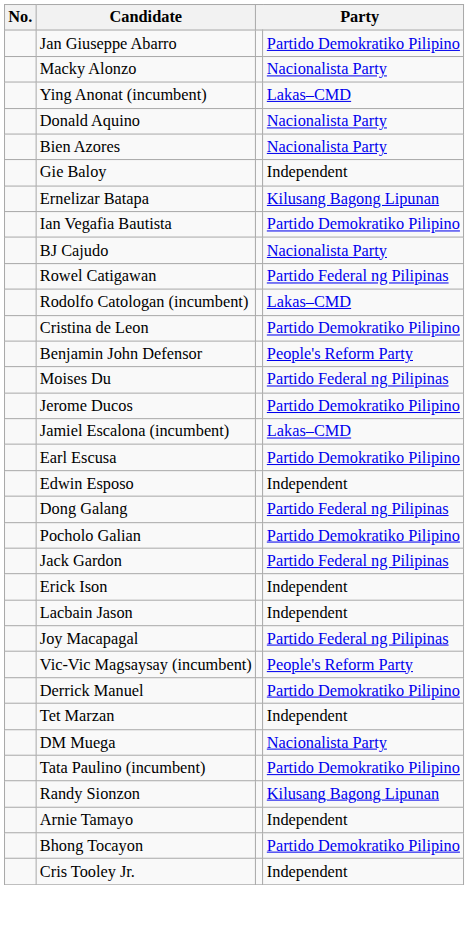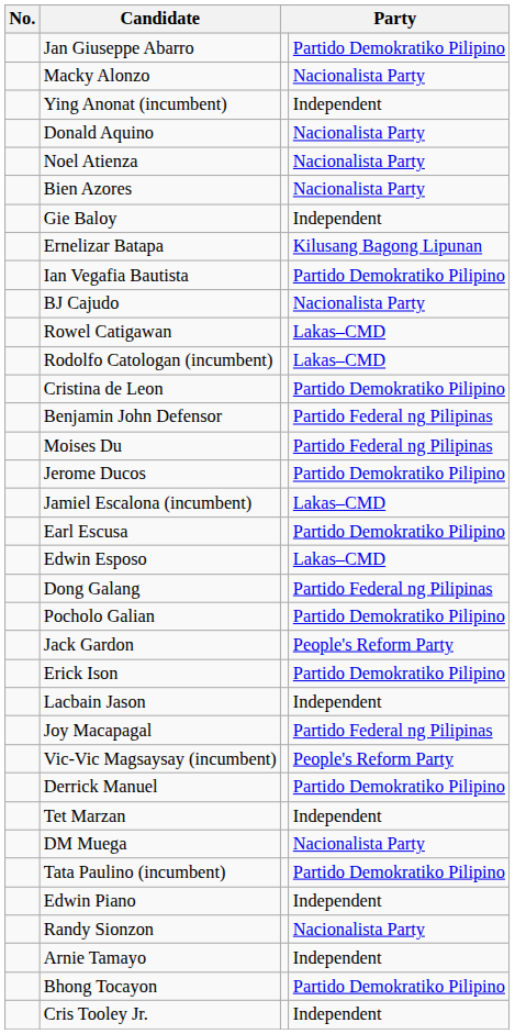 <table class="wikitable sortable" style="text-align:left;">
 <tr>
 <th>No.</th>
 <th>Candidate</th>
 <th colspan="2">Party</th>
 </tr>
 <tr>
 <td></td>
 <td>Jan Giuseppe Abarro</td>
 <td></td>
 <td><a href='#'>Partido Demokratiko Pilipino</a></td>
 </tr>
 <tr>
 <td></td>
 <td>Macky Alonzo</td>
 <td></td>
 <td><a href='#'>Nacionalista Party</a></td>
 </tr>
 <tr>
 <td></td>
 <td>Ying Anonat (incumbent)</td>
 <td></td>
-<td><a href='#'>Lakas–CMD</a></td>
+<td>Independent</td>
 </tr>
 <tr>
 <td></td>
 <td>Donald Aquino</td>
+<td></td>
+<td><a href='#'>Nacionalista Party</a></td>
+</tr>
+<tr>
+<td></td>
+<td>Noel Atienza</td>
 <td></td>
 <td><a href='#'>Nacionalista Party</a></td>
 </tr>
 <tr>
 <td></td>
 <td>Bien Azores</td>
 <td></td>
 <td><a href='#'>Nacionalista Party</a></td>
 </tr>
 <tr>
 <td></td>
 <td>Gie Baloy</td>
 <td></td>
 <td>Independent</td>
 </tr>
 <tr>
 <td></td>
 <td>Ernelizar Batapa</td>
 <td></td>
 <td><a href='#'>Kilusang Bagong Lipunan</a></td>
 </tr>
 <tr>
 <td></td>
 <td>Ian Vegafia Bautista</td>
 <td></td>
 <td><a href='#'>Partido Demokratiko Pilipino</a></td>
 </tr>
 <tr>
 <td></td>
 <td>BJ Cajudo</td>
 <td></td>
 <td><a href='#'>Nacionalista Party</a></td>
 </tr>
 <tr>
 <td></td>
 <td>Rowel Catigawan</td>
 <td></td>
-<td><a href='#'>Partido Federal ng Pilipinas</a></td>
+<td><a href='#'>Lakas–CMD</a></td>
 </tr>
 <tr>
 <td></td>
 <td>Rodolfo Catologan (incumbent)</td>
 <td></td>
 <td><a href='#'>Lakas–CMD</a></td>
 </tr>
 <tr>
 <td></td>
 <td>Cristina de Leon</td>
 <td></td>
 <td><a href='#'>Partido Demokratiko Pilipino</a></td>
 </tr>
 <tr>
 <td></td>
 <td>Benjamin John Defensor</td>
 <td></td>
-<td><a href='#'>People's Reform Party</a></td>
+<td><a href='#'>Partido Federal ng Pilipinas</a></td>
 </tr>
 <tr>
 <td></td>
 <td>Moises Du</td>
 <td></td>
 <td><a href='#'>Partido Federal ng Pilipinas</a></td>
 </tr>
 <tr>
 <td></td>
 <td>Jerome Ducos</td>
 <td></td>
 <td><a href='#'>Partido Demokratiko Pilipino</a></td>
 </tr>
 <tr>
 <td></td>
 <td>Jamiel Escalona (incumbent)</td>
 <td></td>
 <td><a href='#'>Lakas–CMD</a></td>
 </tr>
 <tr>
 <td></td>
 <td>Earl Escusa</td>
 <td></td>
 <td><a href='#'>Partido Demokratiko Pilipino</a></td>
 </tr>
 <tr>
 <td></td>
 <td>Edwin Esposo</td>
 <td></td>
-<td>Independent</td>
+<td><a href='#'>Lakas–CMD</a></td>
 </tr>
 <tr>
 <td></td>
 <td>Dong Galang</td>
 <td></td>
 <td><a href='#'>Partido Federal ng Pilipinas</a></td>
 </tr>
 <tr>
 <td></td>
 <td>Pocholo Galian</td>
 <td></td>
 <td><a href='#'>Partido Demokratiko Pilipino</a></td>
 </tr>
 <tr>
 <td></td>
 <td>Jack Gardon</td>
 <td></td>
-<td><a href='#'>Partido Federal ng Pilipinas</a></td>
+<td><a href='#'>People's Reform Party</a></td>
 </tr>
 <tr>
 <td></td>
 <td>Erick Ison</td>
 <td></td>
-<td>Independent</td>
+<td><a href='#'>Partido Demokratiko Pilipino</a></td>
 </tr>
 <tr>
 <td></td>
 <td>Lacbain Jason</td>
 <td></td>
 <td>Independent</td>
 </tr>
 <tr>
 <td></td>
 <td>Joy Macapagal</td>
 <td></td>
 <td><a href='#'>Partido Federal ng Pilipinas</a></td>
 </tr>
 <tr>
 <td></td>
 <td>Vic-Vic Magsaysay (incumbent)</td>
 <td></td>
 <td><a href='#'>People's Reform Party</a></td>
 </tr>
 <tr>
 <td></td>
 <td>Derrick Manuel</td>
 <td></td>
 <td><a href='#'>Partido Demokratiko Pilipino</a></td>
 </tr>
 <tr>
 <td></td>
 <td>Tet Marzan</td>
 <td></td>
 <td>Independent</td>
 </tr>
 <tr>
 <td></td>
 <td>DM Muega</td>
 <td></td>
 <td><a href='#'>Nacionalista Party</a></td>
 </tr>
 <tr>
 <td></td>
 <td>Tata Paulino (incumbent)</td>
 <td></td>
 <td><a href='#'>Partido Demokratiko Pilipino</a></td>
 </tr>
 <tr>
 <td></td>
+<td>Edwin Piano</td>
+<td></td>
+<td>Independent</td>
+</tr>
+<tr>
+<td></td>
 <td>Randy Sionzon</td>
 <td></td>
-<td><a href='#'>Kilusang Bagong Lipunan</a></td>
+<td><a href='#'>Nacionalista Party</a></td>
 </tr>
 <tr>
 <td></td>
 <td>Arnie Tamayo</td>
 <td></td>
 <td>Independent</td>
 </tr>
 <tr>
 <td></td>
 <td>Bhong Tocayon</td>
 <td></td>
 <td><a href='#'>Partido Demokratiko Pilipino</a></td>
 </tr>
 <tr>
 <td></td>
 <td>Cris Tooley Jr.</td>
 <td></td>
 <td>Independent</td>
 </tr>
 </table>
